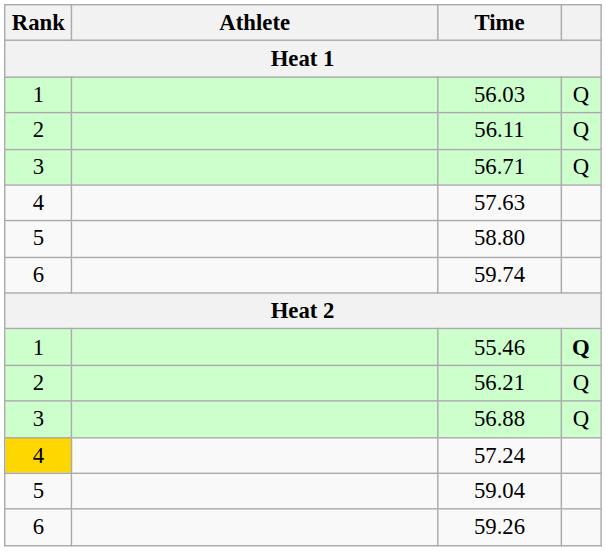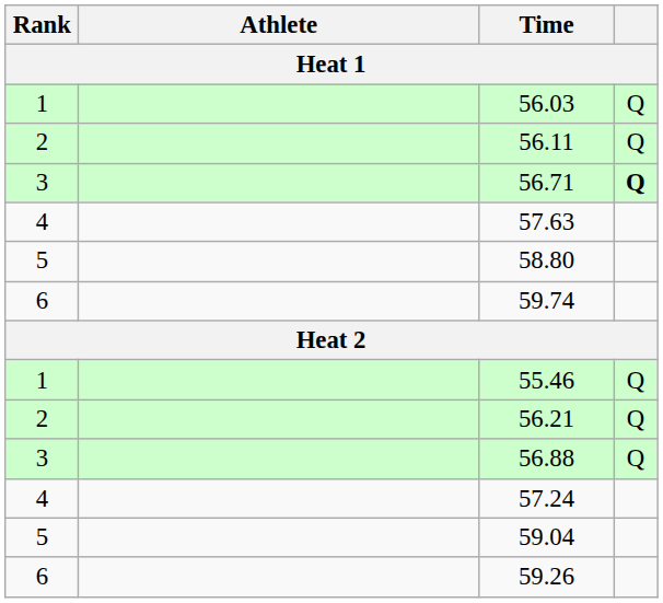 <table class=wikitable style="text-align:center">
 <tr>
 <th width=40>Rank</th>
 <th width=250>Athlete</th>
 <th width=80>Time</th>
 <th width=20></th>
 </tr>
 <tr>
 <th colspan=4>Heat 1</th>
 </tr>
 <tr bgcolor="ccffcc">
 <td>1</td>
 <td align=left></td>
 <td>56.03</td>
 <td>Q</td>
 </tr>
 <tr bgcolor="ccffcc">
 <td>2</td>
 <td align=left></td>
 <td>56.11</td>
 <td>Q</td>
 </tr>
 <tr bgcolor="ccffcc">
 <td>3</td>
 <td align=left></td>
 <td>56.71</td>
-<td>Q</td>
+<td><strong>Q</strong></td>
 </tr>
 <tr>
 <td>4</td>
 <td align=left></td>
 <td>57.63</td>
 <td></td>
 </tr>
 <tr>
 <td>5</td>
 <td align=left></td>
 <td>58.80</td>
 <td></td>
 </tr>
 <tr>
 <td>6</td>
 <td align=left></td>
 <td>59.74</td>
 <td></td>
 </tr>
 <tr>
 <th colspan=4>Heat 2</th>
 </tr>
 <tr bgcolor="ccffcc">
 <td>1</td>
 <td align=left></td>
 <td>55.46</td>
-<td><strong>Q</strong></td>
+<td>Q</td>
 </tr>
 <tr bgcolor="ccffcc">
 <td>2</td>
 <td align=left></td>
 <td>56.21</td>
 <td>Q</td>
 </tr>
 <tr bgcolor="ccffcc">
 <td>3</td>
 <td align=left></td>
 <td>56.88</td>
 <td>Q</td>
 </tr>
 <tr>
-<td style="background: gold;">4</td>
+<td>4</td>
 <td align=left></td>
 <td>57.24</td>
 <td></td>
 </tr>
 <tr>
 <td>5</td>
 <td align=left></td>
 <td>59.04</td>
 <td></td>
 </tr>
 <tr>
 <td>6</td>
 <td align=left></td>
 <td>59.26</td>
 <td></td>
 </tr>
 </table>
